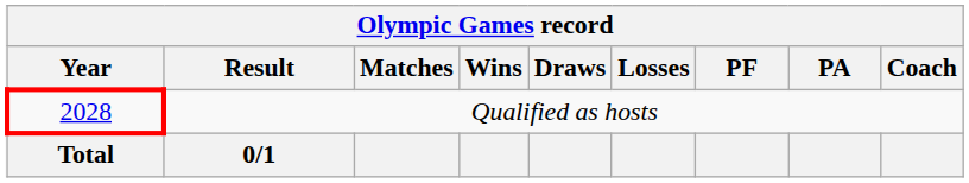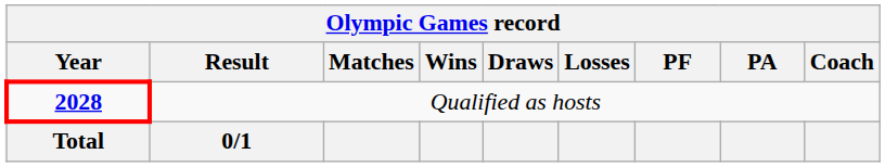 <table class="wikitable"  style="text-align:center;">
 <tr>
 <th colspan=9><strong><a href='#'>Olympic Games</a> record</strong></th>
 </tr>
 <tr>
 <th width=90>Year</th>
 <th width=110>Result</th>
 <th>Matches</th>
 <th>Wins</th>
 <th>Draws</th>
 <th>Losses</th>
 <th width=50>PF</th>
 <th width=50>PA</th>
 <th>Coach</th>
 </tr>
 <tr>
-<td style="border: 3px solid red"> <a href='#'>2028</a></td>
+<td style="border: 3px solid red"><strong> <a href='#'>2028</a></strong></td>
 <td colspan=8><em>Qualified as hosts</em></td>
 </tr>
 <tr>
 <th>Total</th>
 <th>0/1</th>
 <th></th>
 <th></th>
 <th></th>
 <th></th>
 <th></th>
 <th></th>
 <th></th>
 </tr>
 </table>
